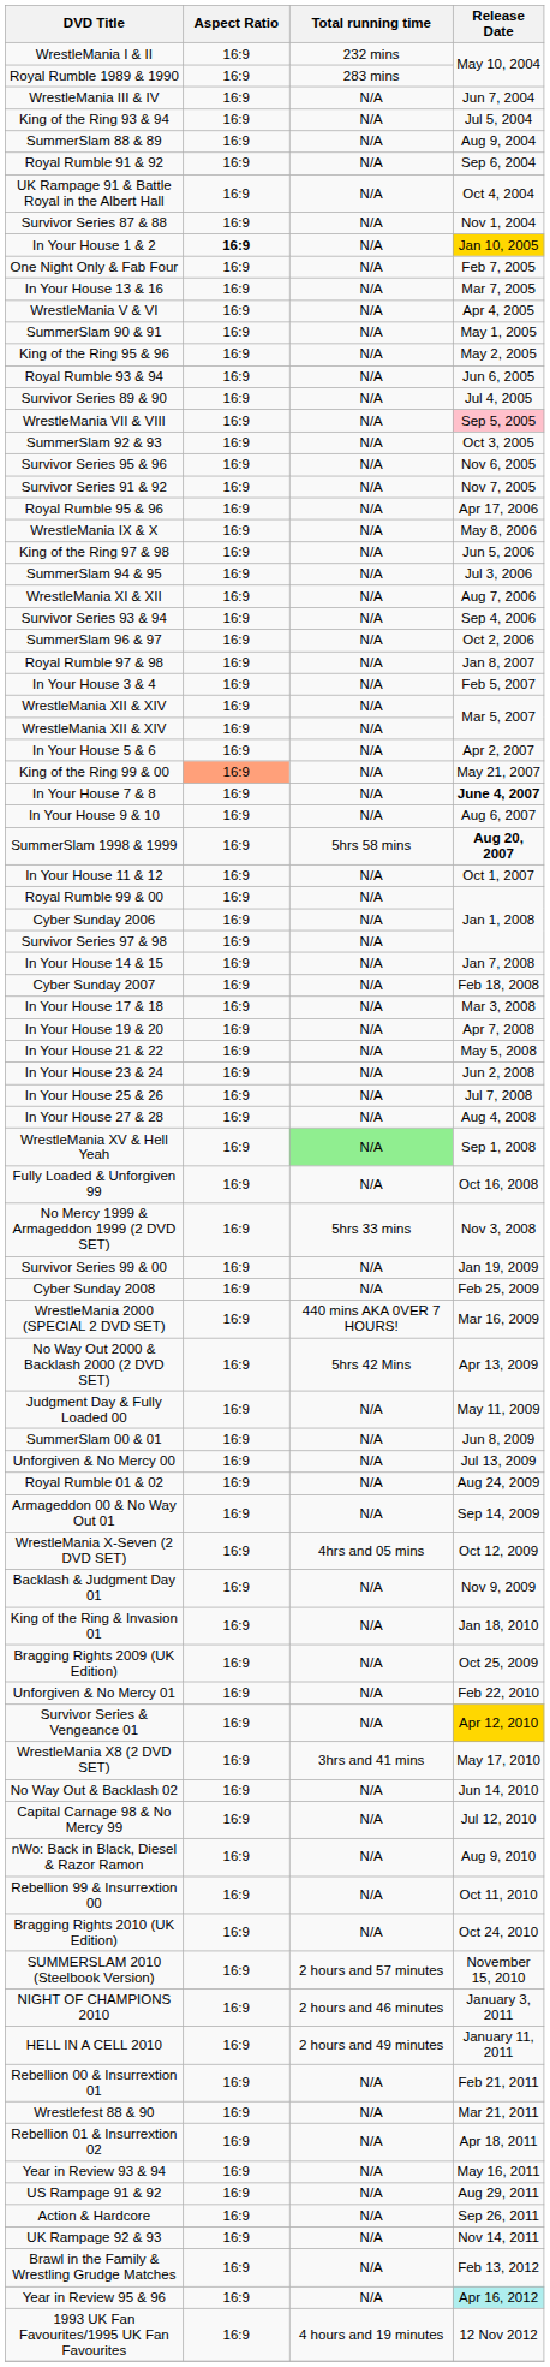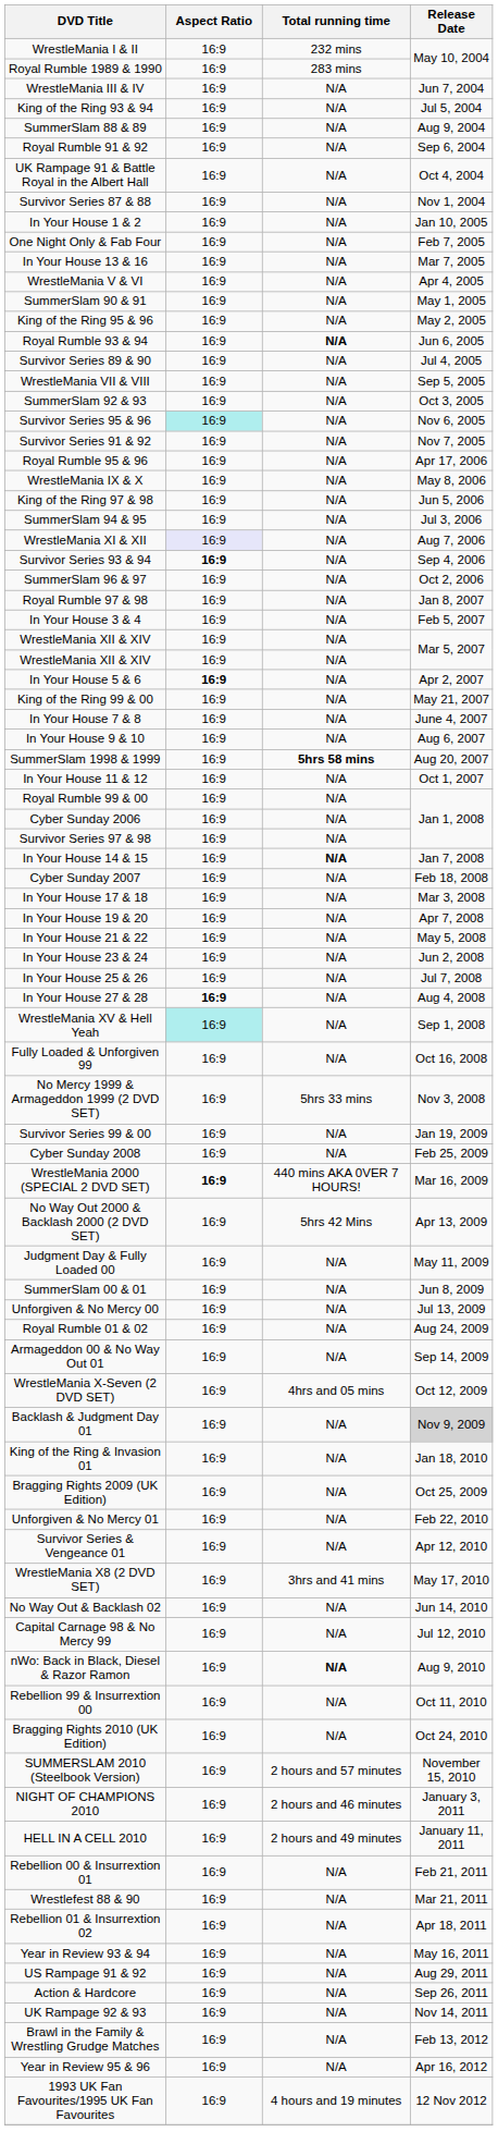 <table class="wikitable" width="100%" style="vertical-align:top">
 <tr>
 <th colspan="2" width="25%">DVD Title</th>
 <th width="15%">Aspect Ratio</th>
 <th width="23%">Total running time</th>
 <th width="12%">Release Date</th>
 </tr>
 <tr>
 <td colspan="2" align="center">WrestleMania I & II</td>
 <td rowspan="1" align="center">16:9</td>
 <td align="center">232 mins</td>
 <td align="center" rowspan="2">May 10, 2004</td>
 </tr>
 <tr>
 <td colspan="2" align="center">Royal Rumble 1989 & 1990</td>
 <td rowspan="1" align="center">16:9</td>
 <td align="center">283 mins</td>
 </tr>
 <tr>
 <td colspan="2" align="center">WrestleMania III & IV</td>
 <td rowspan="1" align="center">16:9</td>
 <td align="center">N/A</td>
 <td align="center">Jun 7, 2004</td>
 </tr>
 <tr>
 <td colspan="2" align="center">King of the Ring 93 & 94</td>
 <td rowspan="1" align="center">16:9</td>
 <td align="center">N/A</td>
 <td align="center">Jul 5, 2004</td>
 </tr>
 <tr>
 <td colspan="2" align="center">SummerSlam 88 & 89</td>
 <td rowspan="1" align="center">16:9</td>
 <td align="center">N/A</td>
 <td align="center">Aug 9, 2004</td>
 </tr>
 <tr>
 <td colspan="2" align="center">Royal Rumble 91 & 92</td>
 <td rowspan="1" align="center">16:9</td>
 <td align="center">N/A</td>
 <td align="center">Sep 6, 2004</td>
 </tr>
 <tr>
 <td colspan="2" align="center">UK Rampage 91 & Battle Royal in the Albert Hall</td>
 <td rowspan="1" align="center">16:9</td>
 <td align="center">N/A</td>
 <td align="center">Oct 4, 2004</td>
 </tr>
 <tr>
 <td colspan="2" align="center">Survivor Series 87 & 88</td>
 <td rowspan="1" align="center">16:9</td>
 <td align="center">N/A</td>
 <td align="center">Nov 1, 2004</td>
 </tr>
 <tr>
 <td colspan="2" align="center">In Your House 1 & 2</td>
-<td rowspan="1" align="center"><strong>16:9</strong></td>
+<td rowspan="1" align="center">16:9</td>
 <td align="center">N/A</td>
-<td align="center" style="background: gold;">Jan 10, 2005</td>
+<td align="center">Jan 10, 2005</td>
 </tr>
 <tr>
 <td colspan="2" align="center">One Night Only & Fab Four</td>
 <td rowspan="1" align="center">16:9</td>
 <td align="center">N/A</td>
 <td align="center">Feb 7, 2005</td>
 </tr>
 <tr>
 <td colspan="2" align="center">In Your House 13 & 16</td>
 <td rowspan="1" align="center">16:9</td>
 <td align="center">N/A</td>
 <td align="center">Mar 7, 2005</td>
 </tr>
 <tr>
 <td colspan="2" align="center">WrestleMania V & VI</td>
 <td rowspan="1" align="center">16:9</td>
 <td align="center">N/A</td>
 <td align="center">Apr 4, 2005</td>
 </tr>
 <tr>
 <td colspan="2" align="center">SummerSlam 90 & 91</td>
 <td rowspan="1" align="center">16:9</td>
 <td align="center">N/A</td>
 <td align="center">May 1, 2005</td>
 </tr>
 <tr>
 <td colspan="2" align="center">King of the Ring 95 & 96</td>
 <td rowspan="1" align="center">16:9</td>
 <td align="center">N/A</td>
 <td align="center">May 2, 2005</td>
 </tr>
 <tr>
 <td colspan="2" align="center">Royal Rumble 93 & 94</td>
 <td rowspan="1" align="center">16:9</td>
-<td align="center">N/A</td>
+<td align="center"><strong>N/A</strong></td>
 <td align="center">Jun 6, 2005</td>
 </tr>
 <tr>
 <td colspan="2" align="center">Survivor Series 89 & 90</td>
 <td rowspan="1" align="center">16:9</td>
 <td align="center">N/A</td>
 <td align="center">Jul 4, 2005</td>
 </tr>
 <tr>
 <td colspan="2" align="center">WrestleMania VII & VIII</td>
 <td rowspan="1" align="center">16:9</td>
 <td align="center">N/A</td>
-<td align="center" style="background: pink;">Sep 5, 2005</td>
+<td align="center">Sep 5, 2005</td>
 </tr>
 <tr>
 <td colspan="2" align="center">SummerSlam 92 & 93</td>
 <td rowspan="1" align="center">16:9</td>
 <td align="center">N/A</td>
 <td align="center">Oct 3, 2005</td>
 </tr>
 <tr>
 <td colspan="2" align="center">Survivor Series 95 & 96</td>
-<td rowspan="1" align="center">16:9</td>
+<td rowspan="1" align="center" style="background: paleturquoise;">16:9</td>
 <td align="center">N/A</td>
 <td align="center">Nov 6, 2005</td>
 </tr>
 <tr>
 <td colspan="2" align="center">Survivor Series 91 & 92</td>
 <td rowspan="1" align="center">16:9</td>
 <td align="center">N/A</td>
 <td align="center">Nov 7, 2005</td>
 </tr>
 <tr>
 <td colspan="2" align="center">Royal Rumble 95 & 96</td>
 <td rowspan="1" align="center">16:9</td>
 <td align="center">N/A</td>
 <td align="center">Apr 17, 2006</td>
 </tr>
 <tr>
 <td colspan="2" align="center">WrestleMania IX & X</td>
 <td rowspan="1" align="center">16:9</td>
 <td align="center">N/A</td>
 <td align="center">May 8, 2006</td>
 </tr>
 <tr>
 <td colspan="2" align="center">King of the Ring 97 & 98</td>
 <td rowspan="1" align="center">16:9</td>
 <td align="center">N/A</td>
 <td align="center">Jun 5, 2006</td>
 </tr>
 <tr>
 <td colspan="2" align="center">SummerSlam 94 & 95</td>
 <td rowspan="1" align="center">16:9</td>
 <td align="center">N/A</td>
 <td align="center">Jul 3, 2006</td>
 </tr>
 <tr>
 <td colspan="2" align="center">WrestleMania XI & XII</td>
-<td rowspan="1" align="center">16:9</td>
+<td rowspan="1" align="center" style="background: lavender;">16:9</td>
 <td align="center">N/A</td>
 <td align="center">Aug 7, 2006</td>
 </tr>
 <tr>
 <td colspan="2" align="center">Survivor Series 93 & 94</td>
-<td rowspan="1" align="center">16:9</td>
+<td rowspan="1" align="center"><strong>16:9</strong></td>
 <td align="center">N/A</td>
 <td align="center">Sep 4, 2006</td>
 </tr>
 <tr>
 <td colspan="2" align="center">SummerSlam 96 & 97</td>
 <td rowspan="1" align="center">16:9</td>
 <td align="center">N/A</td>
 <td align="center">Oct 2, 2006</td>
 </tr>
 <tr>
 <td colspan="2" align="center">Royal Rumble 97 & 98</td>
 <td rowspan="1" align="center">16:9</td>
 <td align="center">N/A</td>
 <td align="center">Jan 8, 2007</td>
 </tr>
 <tr>
 <td colspan="2" align="center">In Your House 3 & 4</td>
 <td rowspan="1" align="center">16:9</td>
 <td align="center">N/A</td>
 <td align="center">Feb 5, 2007</td>
 </tr>
 <tr>
 <td colspan="2" align="center">WrestleMania XII & XIV</td>
 <td rowspan="1" align="center">16:9</td>
 <td align="center">N/A</td>
 <td align="center" rowspan="2">Mar 5, 2007</td>
 </tr>
 <tr>
 <td colspan="2" align="center">WrestleMania XII & XIV</td>
 <td rowspan="1" align="center">16:9</td>
 <td align="center">N/A</td>
 </tr>
 <tr>
 <td colspan="2" align="center">In Your House 5 & 6</td>
-<td rowspan="1" align="center">16:9</td>
+<td rowspan="1" align="center"><strong>16:9</strong></td>
 <td align="center">N/A</td>
 <td align="center">Apr 2, 2007</td>
 </tr>
 <tr>
 <td colspan="2" align="center">King of the Ring 99 & 00</td>
-<td rowspan="1" align="center" style="background: lightsalmon;">16:9</td>
+<td rowspan="1" align="center">16:9</td>
 <td align="center">N/A</td>
 <td align="center">May 21, 2007</td>
 </tr>
 <tr>
 <td colspan="2" align="center">In Your House 7 & 8</td>
 <td rowspan="1" align="center">16:9</td>
 <td align="center">N/A</td>
-<td align="center"><strong>June 4, 2007</strong></td>
+<td align="center">June 4, 2007</td>
 </tr>
 <tr>
 <td colspan="2" align="center">In Your House 9 & 10</td>
 <td rowspan="1" align="center">16:9</td>
 <td align="center">N/A</td>
 <td align="center">Aug 6, 2007</td>
 </tr>
 <tr>
 <td colspan="2" align="center">SummerSlam 1998 & 1999</td>
 <td rowspan="1" align="center">16:9</td>
-<td align="center">5hrs 58 mins</td>
-<td align="center"><strong>Aug 20, 2007</strong></td>
+<td align="center"><strong>5hrs 58 mins</strong></td>
+<td align="center">Aug 20, 2007</td>
 </tr>
 <tr>
 <td colspan="2" align="center">In Your House 11 & 12</td>
 <td rowspan="1" align="center">16:9</td>
 <td align="center">N/A</td>
 <td align="center">Oct 1, 2007</td>
 </tr>
 <tr>
 <td colspan="2" align="center">Royal Rumble 99 & 00</td>
 <td rowspan="1" align="center">16:9</td>
 <td align="center">N/A</td>
 <td align="center" rowspan="3">Jan 1, 2008</td>
 </tr>
 <tr>
 <td colspan="2" align="center">Cyber Sunday 2006</td>
 <td rowspan="1" align="center">16:9</td>
 <td align="center">N/A</td>
 </tr>
 <tr>
 <td colspan="2" align="center">Survivor Series 97 & 98</td>
 <td rowspan="1" align="center">16:9</td>
 <td align="center">N/A</td>
 </tr>
 <tr>
 <td colspan="2" align="center">In Your House 14 & 15</td>
 <td rowspan="1" align="center">16:9</td>
-<td align="center">N/A</td>
+<td align="center"><strong>N/A</strong></td>
 <td align="center">Jan 7, 2008</td>
 </tr>
 <tr>
 <td colspan="2" align="center">Cyber Sunday 2007</td>
 <td rowspan="1" align="center">16:9</td>
 <td align="center">N/A</td>
 <td align="center">Feb 18, 2008</td>
 </tr>
 <tr>
 <td colspan="2" align="center">In Your House 17 & 18</td>
 <td rowspan="1" align="center">16:9</td>
 <td align="center">N/A</td>
 <td align="center">Mar 3, 2008</td>
 </tr>
 <tr>
 <td colspan="2" align="center">In Your House 19 & 20</td>
 <td rowspan="1" align="center">16:9</td>
 <td align="center">N/A</td>
 <td align="center">Apr 7, 2008</td>
 </tr>
 <tr>
 <td colspan="2" align="center">In Your House 21 & 22</td>
 <td rowspan="1" align="center">16:9</td>
 <td align="center">N/A</td>
 <td align="center">May 5, 2008</td>
 </tr>
 <tr>
 <td colspan="2" align="center">In Your House 23 & 24</td>
 <td rowspan="1" align="center">16:9</td>
 <td align="center">N/A</td>
 <td align="center">Jun 2, 2008</td>
 </tr>
 <tr>
 <td colspan="2" align="center">In Your House 25 & 26</td>
 <td rowspan="1" align="center">16:9</td>
 <td align="center">N/A</td>
 <td align="center">Jul 7, 2008</td>
 </tr>
 <tr>
 <td colspan="2" align="center">In Your House 27 & 28</td>
-<td rowspan="1" align="center">16:9</td>
+<td rowspan="1" align="center"><strong>16:9</strong></td>
 <td align="center">N/A</td>
 <td align="center">Aug 4, 2008</td>
 </tr>
 <tr>
 <td colspan="2" align="center">WrestleMania XV & Hell Yeah</td>
-<td rowspan="1" align="center">16:9</td>
-<td align="center" style="background: lightgreen;">N/A</td>
+<td rowspan="1" align="center" style="background: paleturquoise;">16:9</td>
+<td align="center">N/A</td>
 <td align="center">Sep 1, 2008</td>
 </tr>
 <tr>
 <td colspan="2" align="center">Fully Loaded & Unforgiven 99</td>
 <td rowspan="1" align="center">16:9</td>
 <td align="center">N/A</td>
 <td align="center">Oct 16, 2008</td>
 </tr>
 <tr>
 <td colspan="2" align="center">No Mercy 1999 & Armageddon 1999 (2 DVD SET)</td>
 <td rowspan="1" align="center">16:9</td>
 <td align="center">5hrs 33 mins</td>
 <td align="center">Nov 3, 2008</td>
 </tr>
 <tr>
 <td colspan="2" align="center">Survivor Series 99 & 00</td>
 <td rowspan="1" align="center">16:9</td>
 <td align="center">N/A</td>
 <td align="center">Jan 19, 2009</td>
 </tr>
 <tr>
 <td colspan="2" align="center">Cyber Sunday 2008</td>
 <td rowspan="1" align="center">16:9</td>
 <td align="center">N/A</td>
 <td align="center">Feb 25, 2009</td>
 </tr>
 <tr>
 <td colspan="2" align="center">WrestleMania 2000 (SPECIAL 2 DVD SET)</td>
-<td rowspan="1" align="center">16:9</td>
+<td rowspan="1" align="center"><strong>16:9</strong></td>
 <td align="center">440 mins AKA 0VER 7 HOURS!</td>
 <td align="center">Mar 16, 2009</td>
 </tr>
 <tr>
 <td colspan="2" align="center">No Way Out 2000 & Backlash 2000 (2 DVD SET)</td>
 <td rowspan="1" align="center">16:9</td>
 <td align="center">5hrs 42 Mins</td>
 <td align="center">Apr 13, 2009</td>
 </tr>
 <tr>
 <td colspan="2" align="center">Judgment Day & Fully Loaded 00</td>
 <td rowspan="1" align="center">16:9</td>
 <td align="center">N/A</td>
 <td align="center">May 11, 2009</td>
 </tr>
 <tr>
 <td colspan="2" align="center">SummerSlam 00 & 01</td>
 <td rowspan="1" align="center">16:9</td>
 <td align="center">N/A</td>
 <td align="center">Jun 8, 2009</td>
 </tr>
 <tr>
 <td colspan="2" align="center">Unforgiven & No Mercy 00</td>
 <td rowspan="1" align="center">16:9</td>
 <td align="center">N/A</td>
 <td align="center">Jul 13, 2009</td>
 </tr>
 <tr>
 <td colspan="2" align="center">Royal Rumble 01 & 02</td>
 <td rowspan="1" align="center">16:9</td>
 <td align="center">N/A</td>
 <td align="center">Aug 24, 2009</td>
 </tr>
 <tr>
 <td colspan="2" align="center">Armageddon 00 & No Way Out 01</td>
 <td rowspan="1" align="center">16:9</td>
 <td align="center">N/A</td>
 <td align="center">Sep 14, 2009</td>
 </tr>
 <tr>
 <td colspan="2" align="center">WrestleMania X-Seven (2 DVD SET)</td>
 <td rowspan="1" align="center">16:9</td>
 <td align="center">4hrs and 05 mins</td>
 <td align="center">Oct 12, 2009</td>
 </tr>
 <tr>
 <td colspan="2" align="center">Backlash & Judgment Day 01</td>
 <td rowspan="1" align="center">16:9</td>
 <td align="center">N/A</td>
-<td align="center">Nov 9, 2009</td>
+<td align="center" style="background: lightgrey;">Nov 9, 2009</td>
 </tr>
 <tr>
 <td colspan="2" align="center">King of the Ring & Invasion 01</td>
 <td rowspan="1" align="center">16:9</td>
 <td align="center">N/A</td>
 <td align="center">Jan 18, 2010</td>
 </tr>
 <tr>
 <td colspan="2" align="center">Bragging Rights 2009 (UK Edition)</td>
 <td rowspan="1" align="center">16:9</td>
 <td align="center">N/A</td>
 <td align="center">Oct 25, 2009</td>
 </tr>
 <tr>
 <td colspan="2" align="center">Unforgiven & No Mercy 01</td>
 <td rowspan="1" align="center">16:9</td>
 <td align="center">N/A</td>
 <td align="center">Feb 22, 2010</td>
 </tr>
 <tr>
 <td colspan="2" align="center">Survivor Series & Vengeance 01</td>
 <td rowspan="1" align="center">16:9</td>
 <td align="center">N/A</td>
-<td align="center" style="background: gold;">Apr 12, 2010</td>
+<td align="center">Apr 12, 2010</td>
 </tr>
 <tr>
 <td colspan="2" align="center">WrestleMania X8 (2 DVD SET)</td>
 <td rowspan="1" align="center">16:9</td>
 <td align="center">3hrs and 41 mins</td>
 <td align="center">May 17, 2010</td>
 </tr>
 <tr>
 <td colspan="2" align="center">No Way Out & Backlash 02</td>
 <td rowspan="1" align="center">16:9</td>
 <td align="center">N/A</td>
 <td align="center">Jun 14, 2010</td>
 </tr>
 <tr>
 <td colspan="2" align="center">Capital Carnage 98 & No Mercy 99</td>
 <td rowspan="1" align="center">16:9</td>
 <td align="center">N/A</td>
 <td align="center">Jul 12, 2010</td>
 </tr>
 <tr>
 <td colspan="2" align="center">nWo: Back in Black, Diesel & Razor Ramon</td>
 <td rowspan="1" align="center">16:9</td>
-<td align="center">N/A</td>
+<td align="center"><strong>N/A</strong></td>
 <td align="center">Aug 9, 2010</td>
 </tr>
 <tr>
 <td colspan="2" align="center">Rebellion 99 & Insurrextion 00</td>
 <td rowspan="1" align="center">16:9</td>
 <td align="center">N/A</td>
 <td align="center">Oct 11, 2010</td>
 </tr>
 <tr>
 <td colspan="2" align="center">Bragging Rights 2010 (UK Edition)</td>
 <td rowspan="1" align="center">16:9</td>
 <td align="center">N/A</td>
 <td align="center">Oct 24, 2010</td>
 </tr>
 <tr>
 <td colspan="2" align="center">SUMMERSLAM 2010 (Steelbook Version)</td>
 <td rowspan="1" align="center">16:9</td>
 <td align="center">2 hours and 57 minutes</td>
 <td align="center">November 15, 2010</td>
 </tr>
 <tr>
 <td colspan="2" align="center">NIGHT OF CHAMPIONS 2010</td>
 <td rowspan="1" align="center">16:9</td>
 <td align="center">2 hours and 46 minutes</td>
 <td align="center">January 3, 2011</td>
 </tr>
 <tr>
 <td colspan="2" align="center">HELL IN A CELL 2010</td>
 <td rowspan="1" align="center">16:9</td>
 <td align="center">2 hours and 49 minutes</td>
 <td align="center">January 11, 2011</td>
 </tr>
 <tr>
 <td colspan="2" align="center">Rebellion 00 & Insurrextion 01</td>
 <td rowspan="1" align="center">16:9</td>
 <td align="center">N/A</td>
 <td align="center">Feb 21, 2011</td>
 </tr>
 <tr>
 <td colspan="2" align="center">Wrestlefest 88 & 90</td>
 <td rowspan="1" align="center">16:9</td>
 <td align="center">N/A</td>
 <td align="center">Mar 21, 2011</td>
 </tr>
 <tr>
 <td colspan="2" align="center">Rebellion 01 & Insurrextion 02</td>
 <td rowspan="1" align="center">16:9</td>
 <td align="center">N/A</td>
 <td align="center">Apr 18, 2011</td>
 </tr>
 <tr>
 <td colspan="2" align="center">Year in Review 93 & 94</td>
 <td rowspan="1" align="center">16:9</td>
 <td align="center">N/A</td>
 <td align="center">May 16, 2011</td>
 </tr>
 <tr>
 <td colspan="2" align="center">US Rampage 91 & 92</td>
 <td rowspan="1" align="center">16:9</td>
 <td align="center">N/A</td>
 <td align="center">Aug 29, 2011</td>
 </tr>
 <tr>
 <td colspan="2" align="center">Action & Hardcore</td>
 <td rowspan="1" align="center">16:9</td>
 <td align="center">N/A</td>
 <td align="center">Sep 26, 2011</td>
 </tr>
 <tr>
 <td colspan="2" align="center">UK Rampage 92 & 93</td>
 <td rowspan="1" align="center">16:9</td>
 <td align="center">N/A</td>
 <td align="center">Nov 14, 2011</td>
 </tr>
 <tr>
 <td colspan="2" align="center">Brawl in the Family & Wrestling Grudge Matches</td>
 <td rowspan="1" align="center">16:9</td>
 <td align="center">N/A</td>
 <td align="center">Feb 13, 2012</td>
 </tr>
 <tr>
 <td colspan="2" align="center">Year in Review 95 & 96</td>
 <td rowspan="1" align="center">16:9</td>
 <td align="center">N/A</td>
-<td align="center" style="background: paleturquoise;">Apr 16, 2012</td>
+<td align="center">Apr 16, 2012</td>
 </tr>
 <tr>
 <td colspan="2" align="center">1993 UK Fan Favourites/1995 UK Fan Favourites</td>
 <td rowspan="1" align="center">16:9</td>
 <td align="center">4 hours and 19 minutes</td>
 <td align="center">12 Nov 2012</td>
 </tr>
 <tr>
 </tr>
 </table>
